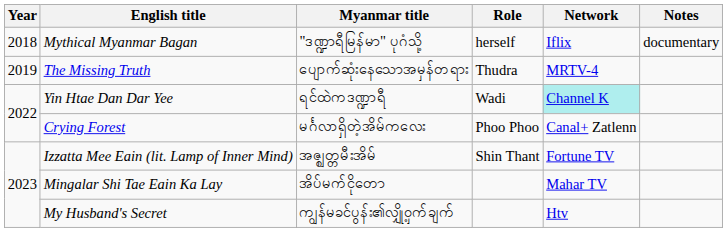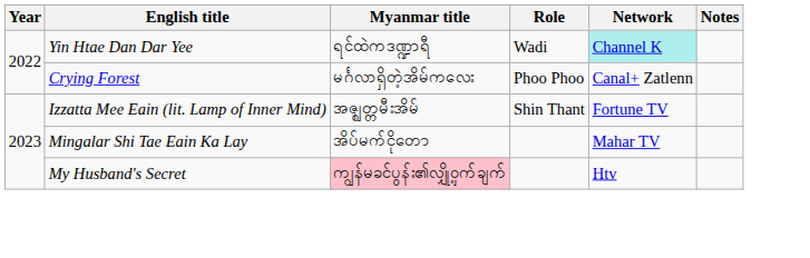 <table class="wikitable">
 <tr>
 <th width=10>Year</th>
 <th>English title</th>
 <th>Myanmar title</th>
 <th>Role</th>
 <th>Network</th>
 <th>Notes</th>
-</tr>
-<tr>
-<td rowspan="1">2018</td>
-<td><em>Mythical Myanmar Bagan</em></td>
-<td>"ဒဏ္ဍာရီမြန်မာ" ပုဂံသို့</td>
-<td>herself</td>
-<td><a href='#'>Iflix</a></td>
-<td>documentary</td>
-</tr>
-<tr>
-<td rowspan="1">2019</td>
-<td><em><a href='#'>The Missing Truth</a></em></td>
-<td>ပျောက်ဆုံးနေသောအမှန်တရား</td>
-<td>Thudra</td>
-<td><a href='#'>MRTV-4</a></td>
-<td></td>
 </tr>
 <tr>
 <td rowspan="2">2022</td>
 <td><em>Yin Htae Dan Dar Yee</em></td>
 <td>ရင်ထဲကဒဏ္ဍာရီ</td>
 <td>Wadi</td>
 <td style="background: paleturquoise;"><a href='#'>Channel K</a></td>
 <td></td>
 </tr>
 <tr>
 <td><em><a href='#'>Crying Forest</a></em></td>
 <td>မင်္ဂလာရှိတဲ့အိမ်က‌လေး</td>
 <td>Phoo Phoo</td>
 <td><a href='#'>Canal+</a> Zatlenn</td>
 <td></td>
 </tr>
 <tr>
 <td rowspan="3">2023</td>
 <td><em>Izzatta Mee Eain (lit. Lamp of Inner Mind)</em></td>
 <td>အဇ္ဈတ္တမီးအိမ်</td>
 <td>Shin Thant</td>
 <td><a href='#'>Fortune TV</a></td>
 <td></td>
 </tr>
 <tr>
 <td><em>Mingalar Shi Tae Eain Ka Lay</em></td>
 <td>အိပ်မက်ငိုတော</td>
 <td></td>
 <td><a href='#'>Mahar TV</a></td>
 <td></td>
 </tr>
 <tr>
 <td><em>My Husband's Secret</em></td>
-<td>ကျွန်မခင်ပွန်း၏လျှို့ဝှက်ချက်</td>
+<td style="background: pink;">ကျွန်မခင်ပွန်း၏လျှို့ဝှက်ချက်</td>
 <td></td>
 <td><a href='#'>Htv</a></td>
 <td></td>
 </tr>
 </table>
